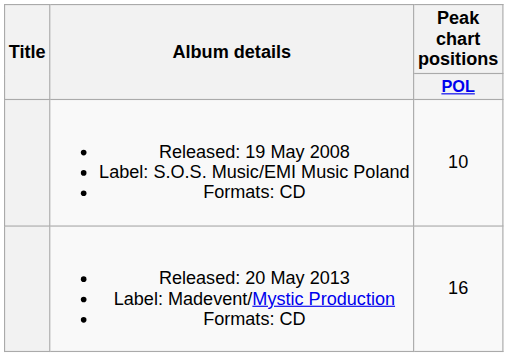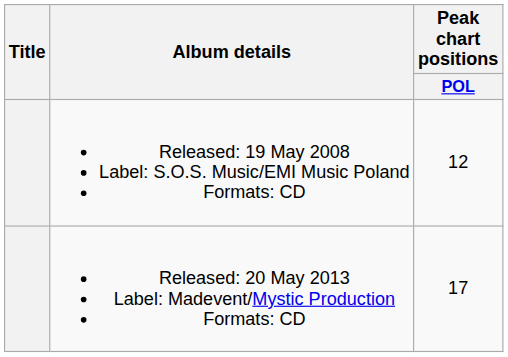 <table class="wikitable plainrowheaders" style="text-align:center;">
 <tr>
 <th scope="col" rowspan="2">Title</th>
 <th scope="col" rowspan="2">Album details</th>
 <th scope="col" colspan="1">Peak chart positions</th>
 </tr>
 <tr>
 <th scope="col" style="width:3em;font-size:90%;"><a href='#'>POL</a><br></th>
 </tr>
 <tr>
 <th scope="row"></th>
 <td><br><ul><li>Released: 19 May 2008</li><li>Label: S.O.S. Music/EMI Music Poland</li><li>Formats: CD</li></ul></td>
-<td>10</td>
+<td>12</td>
 </tr>
 <tr>
 <th scope="row"></th>
 <td><br><ul><li>Released: 20 May 2013</li><li>Label: Madevent/<a href='#'>Mystic Production</a></li><li>Formats: CD</li></ul></td>
-<td>16</td>
+<td>17</td>
 </tr>
 </table>
